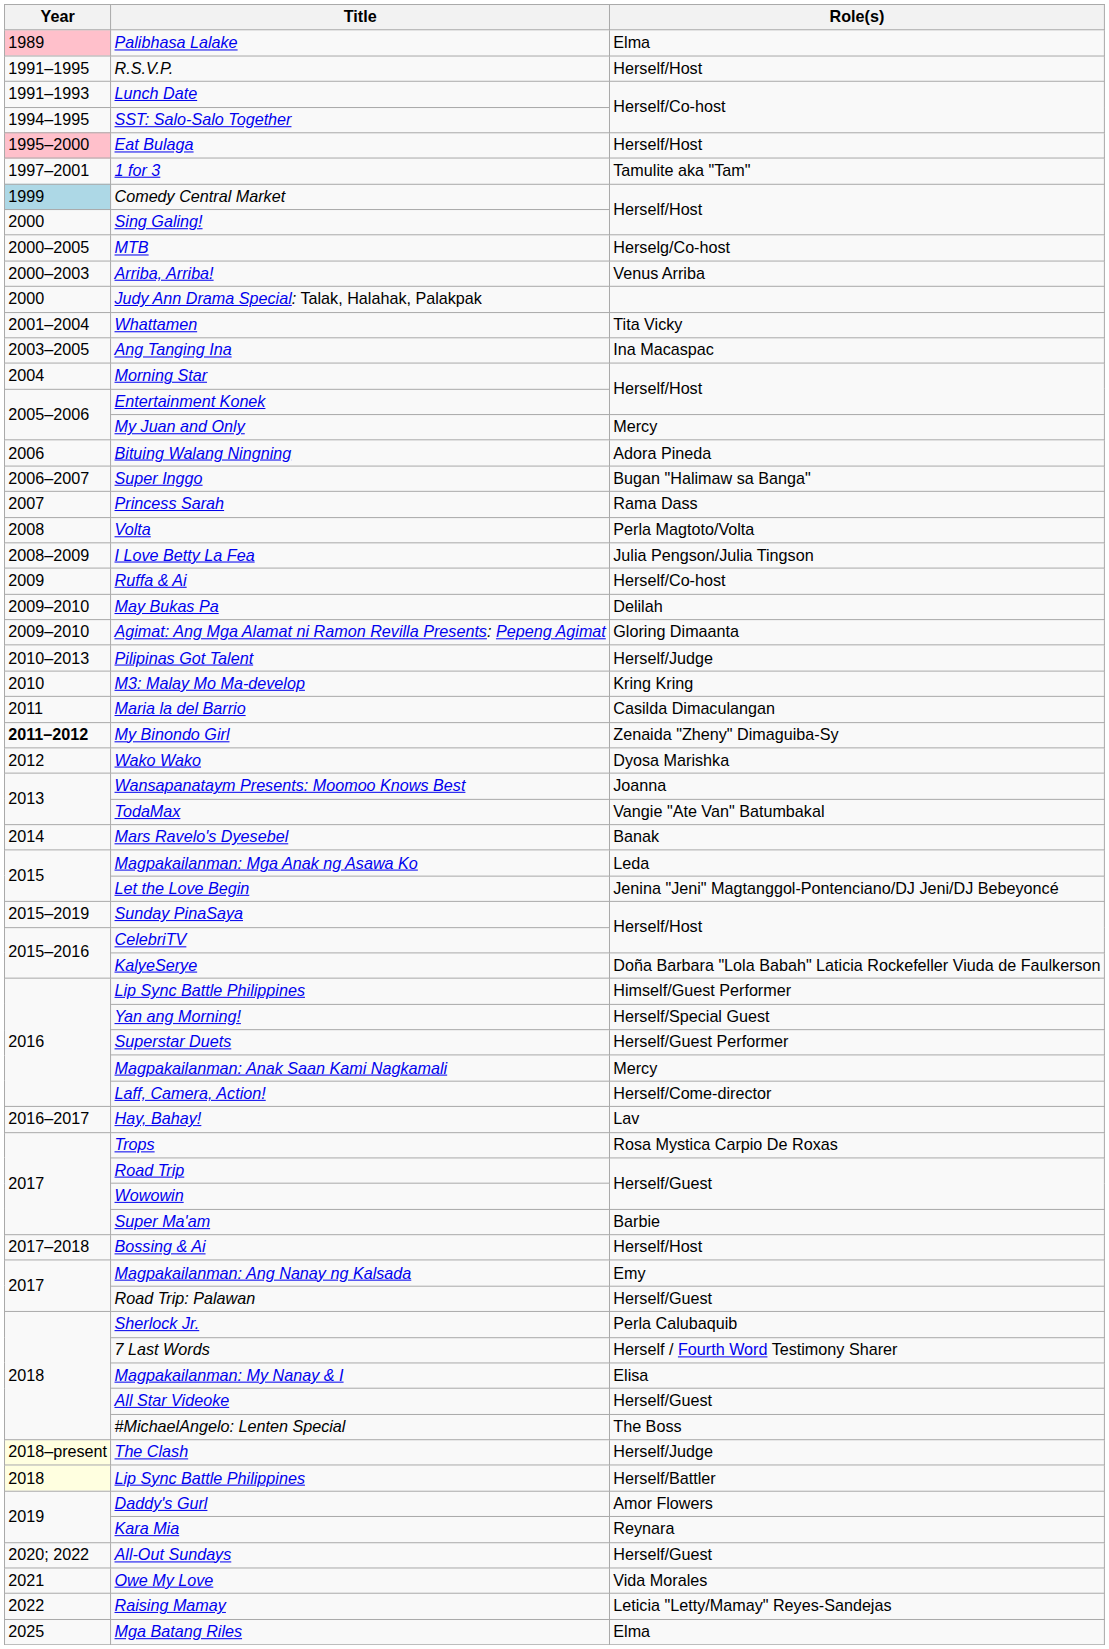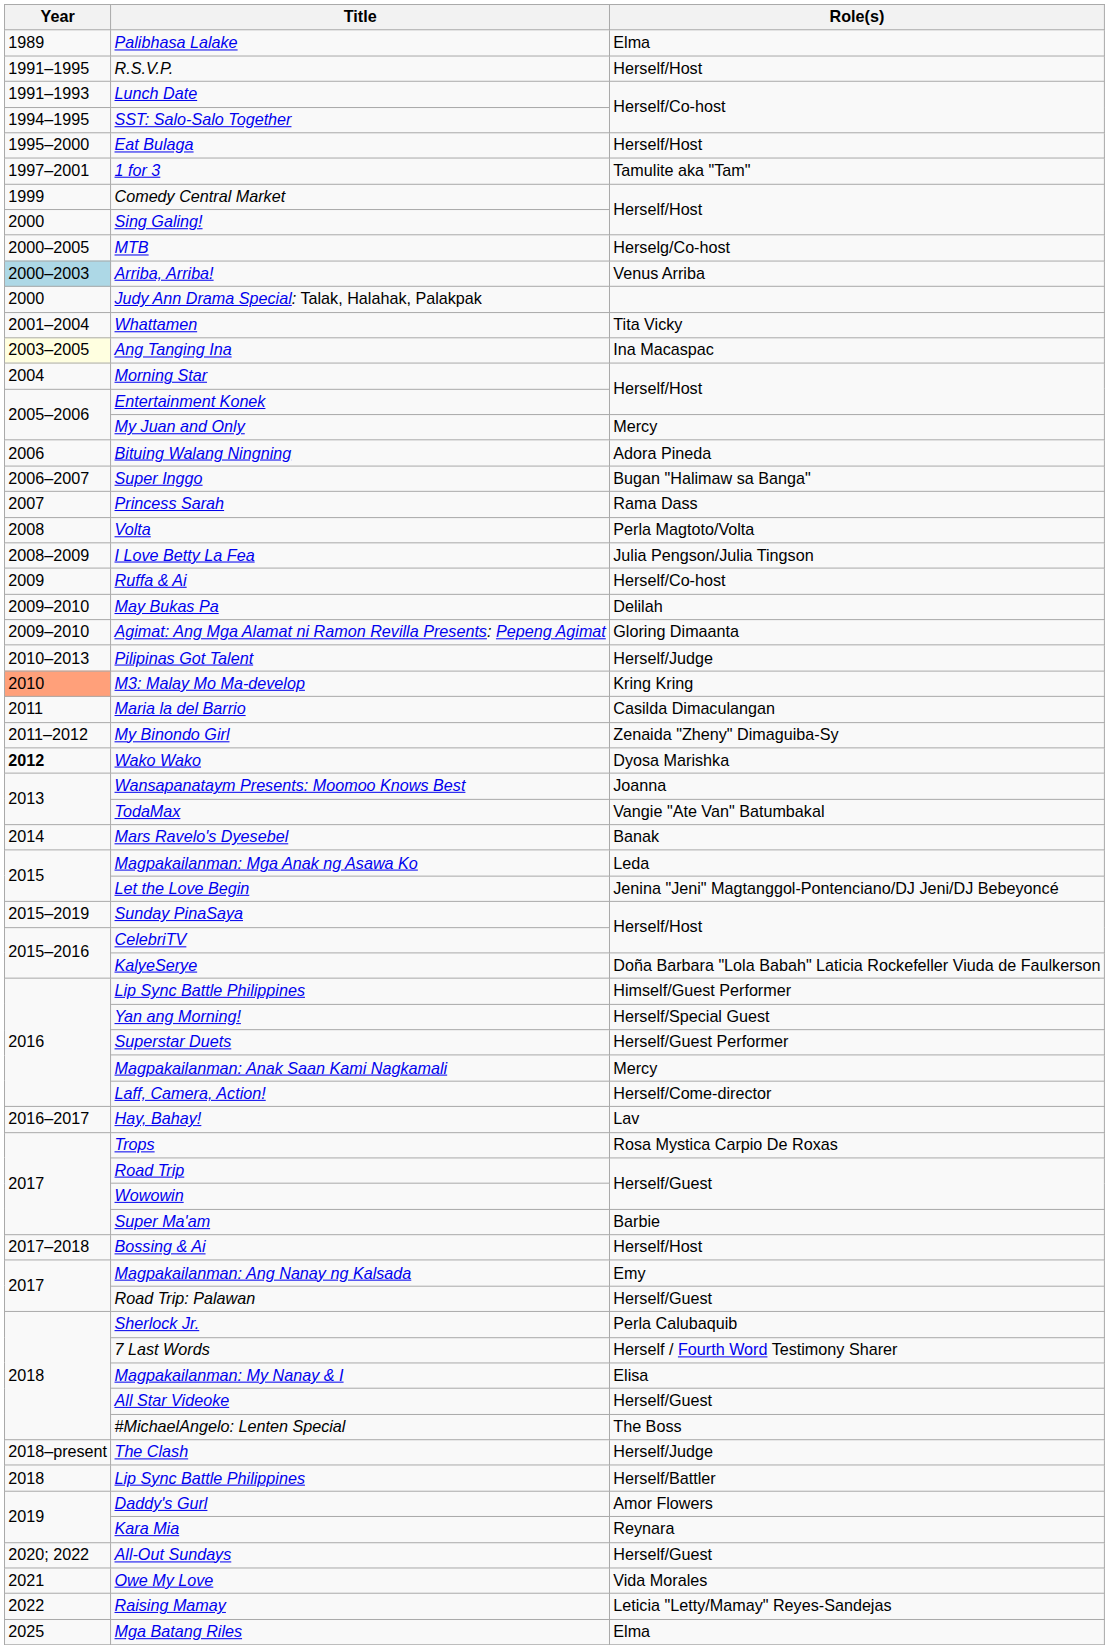 <table class="wikitable sortable">
 <tr>
 <th>Year</th>
 <th>Title</th>
 <th>Role(s)</th>
 </tr>
 <tr>
-<td style="background: pink;">1989</td>
+<td>1989</td>
 <td><em><a href='#'>Palibhasa Lalake</a></em></td>
 <td>Elma</td>
 </tr>
 <tr>
 <td>1991–1995</td>
 <td><em>R.S.V.P.</em></td>
 <td>Herself/Host</td>
 </tr>
 <tr>
 <td>1991–1993</td>
 <td><em><a href='#'>Lunch Date</a></em></td>
 <td rowspan="2">Herself/Co-host</td>
 </tr>
 <tr>
 <td>1994–1995</td>
 <td><em><a href='#'>SST: Salo-Salo Together</a></em></td>
 </tr>
 <tr>
-<td style="background: pink;">1995–2000</td>
+<td>1995–2000</td>
 <td><em><a href='#'>Eat Bulaga</a></em></td>
 <td>Herself/Host</td>
 </tr>
 <tr>
 <td>1997–2001</td>
 <td><em><a href='#'>1 for 3</a></em></td>
 <td>Tamulite aka "Tam"</td>
 </tr>
 <tr>
-<td style="background: lightblue;">1999</td>
+<td>1999</td>
 <td><em>Comedy Central Market</em></td>
 <td rowspan="2">Herself/Host</td>
 </tr>
 <tr>
 <td>2000</td>
 <td><em><a href='#'>Sing Galing!</a></em></td>
 </tr>
 <tr>
 <td>2000–2005</td>
 <td><em><a href='#'>MTB</a></em></td>
 <td>Herselg/Co-host</td>
 </tr>
 <tr>
-<td>2000–2003</td>
+<td style="background: lightblue;">2000–2003</td>
 <td><em><a href='#'>Arriba, Arriba!</a></em></td>
 <td>Venus Arriba</td>
 </tr>
 <tr>
 <td>2000</td>
 <td><em><a href='#'>Judy Ann Drama Special</a>:</em> Talak, Halahak, Palakpak</td>
 <td></td>
 </tr>
 <tr>
 <td>2001–2004</td>
 <td><em><a href='#'>Whattamen</a></em></td>
 <td>Tita Vicky</td>
 </tr>
 <tr>
-<td>2003–2005</td>
+<td style="background: lightyellow;">2003–2005</td>
 <td><em><a href='#'>Ang Tanging Ina</a></em></td>
 <td>Ina Macaspac</td>
 </tr>
 <tr>
 <td>2004</td>
 <td><em><a href='#'>Morning Star</a></em></td>
 <td rowspan="2">Herself/Host</td>
 </tr>
 <tr>
 <td rowspan="2">2005–2006</td>
 <td><em><a href='#'>Entertainment Konek</a></em></td>
 </tr>
 <tr>
 <td><em><a href='#'>My Juan and Only</a></em></td>
 <td>Mercy</td>
 </tr>
 <tr>
 <td>2006</td>
 <td><em><a href='#'>Bituing Walang Ningning</a></em></td>
 <td>Adora Pineda</td>
 </tr>
 <tr>
 <td>2006–2007</td>
 <td><em><a href='#'>Super Inggo</a></em></td>
 <td>Bugan "Halimaw sa Banga"</td>
 </tr>
 <tr>
 <td>2007</td>
 <td><em><a href='#'>Princess Sarah</a></em></td>
 <td>Rama Dass</td>
 </tr>
 <tr>
 <td>2008</td>
 <td><em><a href='#'>Volta</a></em></td>
 <td>Perla Magtoto/Volta</td>
 </tr>
 <tr>
 <td>2008–2009</td>
 <td><em><a href='#'>I Love Betty La Fea</a></em></td>
 <td>Julia Pengson/Julia Tingson</td>
 </tr>
 <tr>
 <td>2009</td>
 <td><em><a href='#'>Ruffa & Ai</a></em></td>
 <td>Herself/Co-host</td>
 </tr>
 <tr>
 <td>2009–2010</td>
 <td><em><a href='#'>May Bukas Pa</a></em></td>
 <td>Delilah</td>
 </tr>
 <tr>
 <td>2009–2010</td>
 <td><em><a href='#'>Agimat: Ang Mga Alamat ni Ramon Revilla Presents</a>: <a href='#'>Pepeng Agimat</a></em></td>
 <td>Gloring Dimaanta</td>
 </tr>
 <tr>
 <td>2010–2013</td>
 <td><em><a href='#'>Pilipinas Got Talent</a></em></td>
 <td>Herself/Judge</td>
 </tr>
 <tr>
-<td>2010</td>
+<td style="background: lightsalmon;">2010</td>
 <td><em><a href='#'>M3: Malay Mo Ma-develop</a></em></td>
 <td>Kring Kring</td>
 </tr>
 <tr>
 <td>2011</td>
 <td><em><a href='#'>Maria la del Barrio</a></em></td>
 <td>Casilda Dimaculangan</td>
 </tr>
 <tr>
-<td><strong>2011–2012</strong></td>
+<td>2011–2012</td>
 <td><em><a href='#'>My Binondo Girl</a></em></td>
 <td>Zenaida "Zheny" Dimaguiba-Sy</td>
 </tr>
 <tr>
-<td>2012</td>
+<td><strong>2012</strong></td>
 <td><em><a href='#'>Wako Wako</a></em></td>
 <td>Dyosa Marishka</td>
 </tr>
 <tr>
 <td rowspan="2">2013</td>
 <td><em><a href='#'>Wansapanataym Presents: Moomoo Knows Best</a></em></td>
 <td>Joanna</td>
 </tr>
 <tr>
 <td><em><a href='#'>TodaMax</a></em></td>
 <td>Vangie "Ate Van" Batumbakal</td>
 </tr>
 <tr>
 <td>2014</td>
 <td><em><a href='#'>Mars Ravelo's Dyesebel</a></em></td>
 <td>Banak</td>
 </tr>
 <tr>
 <td rowspan=2>2015</td>
 <td><em><a href='#'>Magpakailanman: Mga Anak ng Asawa Ko</a></em></td>
 <td>Leda</td>
 </tr>
 <tr>
 <td><em><a href='#'>Let the Love Begin</a></em></td>
 <td>Jenina "Jeni" Magtanggol-Pontenciano/DJ Jeni/DJ Bebeyoncé</td>
 </tr>
 <tr>
 <td>2015–2019</td>
 <td><em><a href='#'>Sunday PinaSaya</a></em></td>
 <td rowspan="2">Herself/Host</td>
 </tr>
 <tr>
 <td rowspan="2">2015–2016</td>
 <td><em><a href='#'>CelebriTV</a></em></td>
 </tr>
 <tr>
 <td><em><a href='#'>KalyeSerye</a></em></td>
 <td>Doña Barbara "Lola Babah" Laticia Rockefeller Viuda de Faulkerson</td>
 </tr>
 <tr>
 <td rowspan=5>2016</td>
 <td><em><a href='#'>Lip Sync Battle Philippines</a></em></td>
 <td>Himself/Guest Performer</td>
 </tr>
 <tr>
 <td><em><a href='#'>Yan ang Morning!</a></em></td>
 <td>Herself/Special Guest</td>
 </tr>
 <tr>
 <td><em><a href='#'>Superstar Duets</a></em></td>
 <td>Herself/Guest Performer</td>
 </tr>
 <tr>
 <td><em><a href='#'>Magpakailanman: Anak Saan Kami Nagkamali</a></em></td>
 <td>Mercy</td>
 </tr>
 <tr>
 <td><em><a href='#'>Laff, Camera, Action!</a></em></td>
 <td>Herself/Come-director</td>
 </tr>
 <tr>
 <td>2016–2017</td>
 <td><em><a href='#'>Hay, Bahay!</a></em></td>
 <td>Lav</td>
 </tr>
 <tr>
 <td rowspan="4">2017</td>
 <td><em><a href='#'>Trops</a></em></td>
 <td>Rosa Mystica Carpio De Roxas</td>
 </tr>
 <tr>
 <td><a href='#'><em>Road Trip</em></a></td>
 <td rowspan="2">Herself/Guest</td>
 </tr>
 <tr>
 <td><em><a href='#'>Wowowin</a></em></td>
 </tr>
 <tr>
 <td><em><a href='#'>Super Ma'am</a></em></td>
 <td>Barbie</td>
 </tr>
 <tr>
 <td>2017–2018</td>
 <td><em><a href='#'>Bossing & Ai</a></em></td>
 <td>Herself/Host</td>
 </tr>
 <tr>
 <td rowspan="2">2017</td>
 <td><em><a href='#'>Magpakailanman: Ang Nanay ng Kalsada</a></em></td>
 <td>Emy</td>
 </tr>
 <tr>
 <td><em>Road Trip: Palawan</em></td>
 <td>Herself/Guest</td>
 </tr>
 <tr>
 <td rowspan="5">2018</td>
 <td><em><a href='#'>Sherlock Jr.</a></em></td>
 <td>Perla Calubaquib</td>
 </tr>
 <tr>
 <td><em>7 Last Words</em></td>
 <td>Herself / <a href='#'>Fourth Word</a> Testimony Sharer</td>
 </tr>
 <tr>
 <td><em><a href='#'>Magpakailanman: My Nanay & I</a></em></td>
 <td>Elisa</td>
 </tr>
 <tr>
 <td><em><a href='#'>All Star Videoke</a></em></td>
 <td>Herself/Guest</td>
 </tr>
 <tr>
 <td><em>#MichaelAngelo: Lenten Special</em></td>
 <td>The Boss</td>
 </tr>
 <tr>
-<td style="background: lightyellow;">2018–present</td>
+<td>2018–present</td>
 <td><em><a href='#'>The Clash</a></em></td>
 <td>Herself/Judge</td>
 </tr>
 <tr>
-<td style="background: lightyellow;">2018</td>
+<td>2018</td>
 <td><em><a href='#'>Lip Sync Battle Philippines</a></em></td>
 <td>Herself/Battler</td>
 </tr>
 <tr>
 <td rowspan="2">2019</td>
 <td><em><a href='#'>Daddy's Gurl</a></em></td>
 <td>Amor Flowers</td>
 </tr>
 <tr>
 <td><em><a href='#'>Kara Mia</a></em></td>
 <td>Reynara</td>
 </tr>
 <tr>
 <td>2020; 2022</td>
 <td><em><a href='#'>All-Out Sundays</a></em></td>
 <td>Herself/Guest</td>
 </tr>
 <tr>
 <td>2021</td>
 <td><em><a href='#'>Owe My Love</a></em></td>
 <td>Vida Morales</td>
 </tr>
 <tr>
 <td>2022</td>
 <td><em><a href='#'>Raising Mamay</a></em></td>
 <td>Leticia "Letty/Mamay" Reyes-Sandejas</td>
 </tr>
 <tr>
 <td>2025</td>
 <td><a href='#'><em>Mga Batang Riles</em></a></td>
 <td>Elma</td>
 </tr>
 </table>
